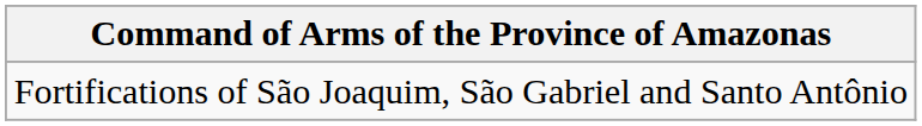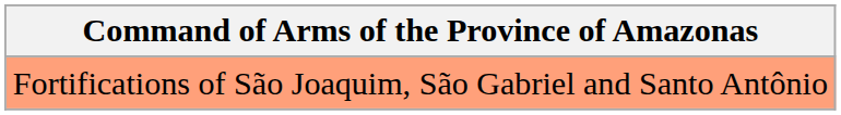 <table class="wikitable mw-collapsible mw-collapsed">
 <tr>
 <th><strong>Command of Arms of the Province of Amazonas</strong></th>
 </tr>
 <tr>
-<td>Fortifications of São Joaquim, São Gabriel and Santo Antônio</td>
+<td style="background: lightsalmon;">Fortifications of São Joaquim, São Gabriel and Santo Antônio</td>
 </tr>
 </table>
